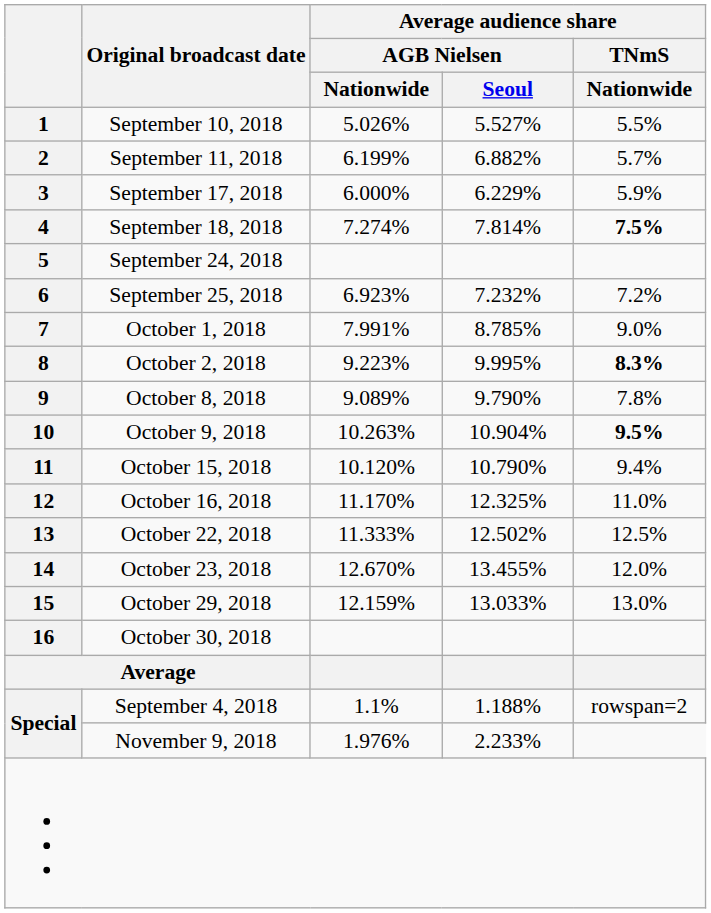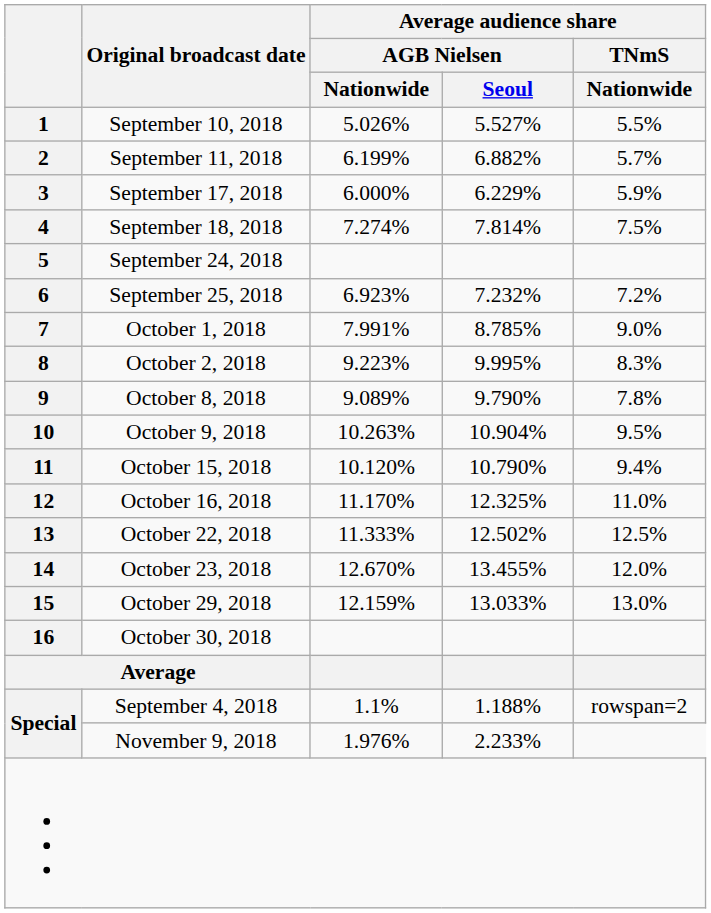 <table class="wikitable" style="text-align:center;max-width:550px; margin-left: auto; margin-right: auto; border: none;">
 <tr>
 </tr>
 <tr>
 <th rowspan="3"></th>
 <th rowspan="3">Original broadcast date</th>
 <th colspan="4">Average audience share</th>
 </tr>
 <tr>
 <th colspan="2">AGB Nielsen</th>
 <th>TNmS</th>
 </tr>
 <tr>
 <th width="90">Nationwide</th>
 <th width="90"><a href='#'>Seoul</a></th>
 <th width="90">Nationwide</th>
 </tr>
 <tr>
 <th>1</th>
 <td>September 10, 2018</td>
 <td>5.026%</td>
 <td>5.527%</td>
 <td>5.5%</td>
 </tr>
 <tr>
 <th>2</th>
 <td>September 11, 2018</td>
 <td>6.199%</td>
 <td>6.882%</td>
 <td>5.7%</td>
 </tr>
 <tr>
 <th>3</th>
 <td>September 17, 2018</td>
 <td>6.000%</td>
 <td>6.229%</td>
 <td>5.9%</td>
 </tr>
 <tr>
 <th>4</th>
 <td>September 18, 2018</td>
 <td>7.274%</td>
 <td>7.814%</td>
-<td><strong>7.5%</strong></td>
+<td>7.5%</td>
 </tr>
 <tr>
 <th>5</th>
 <td>September 24, 2018</td>
 <td></td>
 <td></td>
 <td></td>
 </tr>
 <tr>
 <th>6</th>
 <td>September 25, 2018</td>
 <td>6.923%</td>
 <td>7.232%</td>
 <td>7.2%</td>
 </tr>
 <tr>
 <th>7</th>
 <td>October 1, 2018</td>
 <td>7.991%</td>
 <td>8.785%</td>
 <td>9.0%</td>
 </tr>
 <tr>
 <th>8</th>
 <td>October 2, 2018</td>
 <td>9.223%</td>
 <td>9.995%</td>
-<td><strong>8.3%</strong></td>
+<td>8.3%</td>
 </tr>
 <tr>
 <th>9</th>
 <td>October 8, 2018</td>
 <td>9.089%</td>
 <td>9.790%</td>
 <td>7.8%</td>
 </tr>
 <tr>
 <th>10</th>
 <td>October 9, 2018</td>
 <td>10.263%</td>
 <td>10.904%</td>
-<td><strong>9.5%</strong></td>
+<td>9.5%</td>
 </tr>
 <tr>
 <th>11</th>
 <td>October 15, 2018</td>
 <td>10.120%</td>
 <td>10.790%</td>
 <td>9.4%</td>
 </tr>
 <tr>
 <th>12</th>
 <td>October 16, 2018</td>
 <td>11.170%</td>
 <td>12.325%</td>
 <td>11.0%</td>
 </tr>
 <tr>
 <th>13</th>
 <td>October 22, 2018</td>
 <td>11.333%</td>
 <td>12.502%</td>
 <td>12.5%</td>
 </tr>
 <tr>
 <th>14</th>
 <td>October 23, 2018</td>
 <td>12.670%</td>
 <td>13.455%</td>
 <td>12.0%</td>
 </tr>
 <tr>
 <th>15</th>
 <td>October 29, 2018</td>
 <td>12.159%</td>
 <td>13.033%</td>
 <td>13.0%</td>
 </tr>
 <tr>
 <th>16</th>
 <td>October 30, 2018</td>
 <td></td>
 <td></td>
 <td></td>
 </tr>
 <tr>
 <th colspan="2">Average</th>
 <th></th>
 <th></th>
 <th></th>
 </tr>
 <tr>
 <th rowspan="2">Special</th>
 <td>September 4, 2018</td>
 <td>1.1%</td>
 <td>1.188%</td>
 <td>rowspan=2 </td>
 </tr>
 <tr>
 <td>November 9, 2018</td>
 <td>1.976%</td>
 <td>2.233%</td>
 </tr>
 <tr>
 <td colspan="6"><br><ul><li></li><li></li><li></li></ul></td>
 </tr>
 </table>
